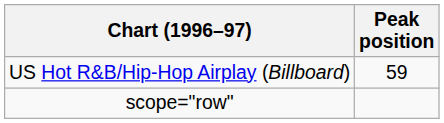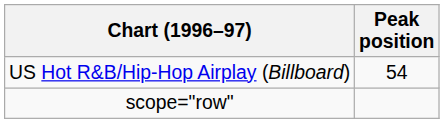 <table class="wikitable sortable plainrowheaders" style="text-align:center;">
 <tr>
 <th scope="col">Chart (1996–97)</th>
 <th scope="col">Peak<br>position</th>
 </tr>
 <tr>
 <td>US <a href='#'>Hot R&B/Hip-Hop Airplay</a> (<em>Billboard</em>)</td>
-<td>59</td>
+<td>54</td>
 </tr>
 <tr>
 <td>scope="row"</td>
 </tr>
 </table>
